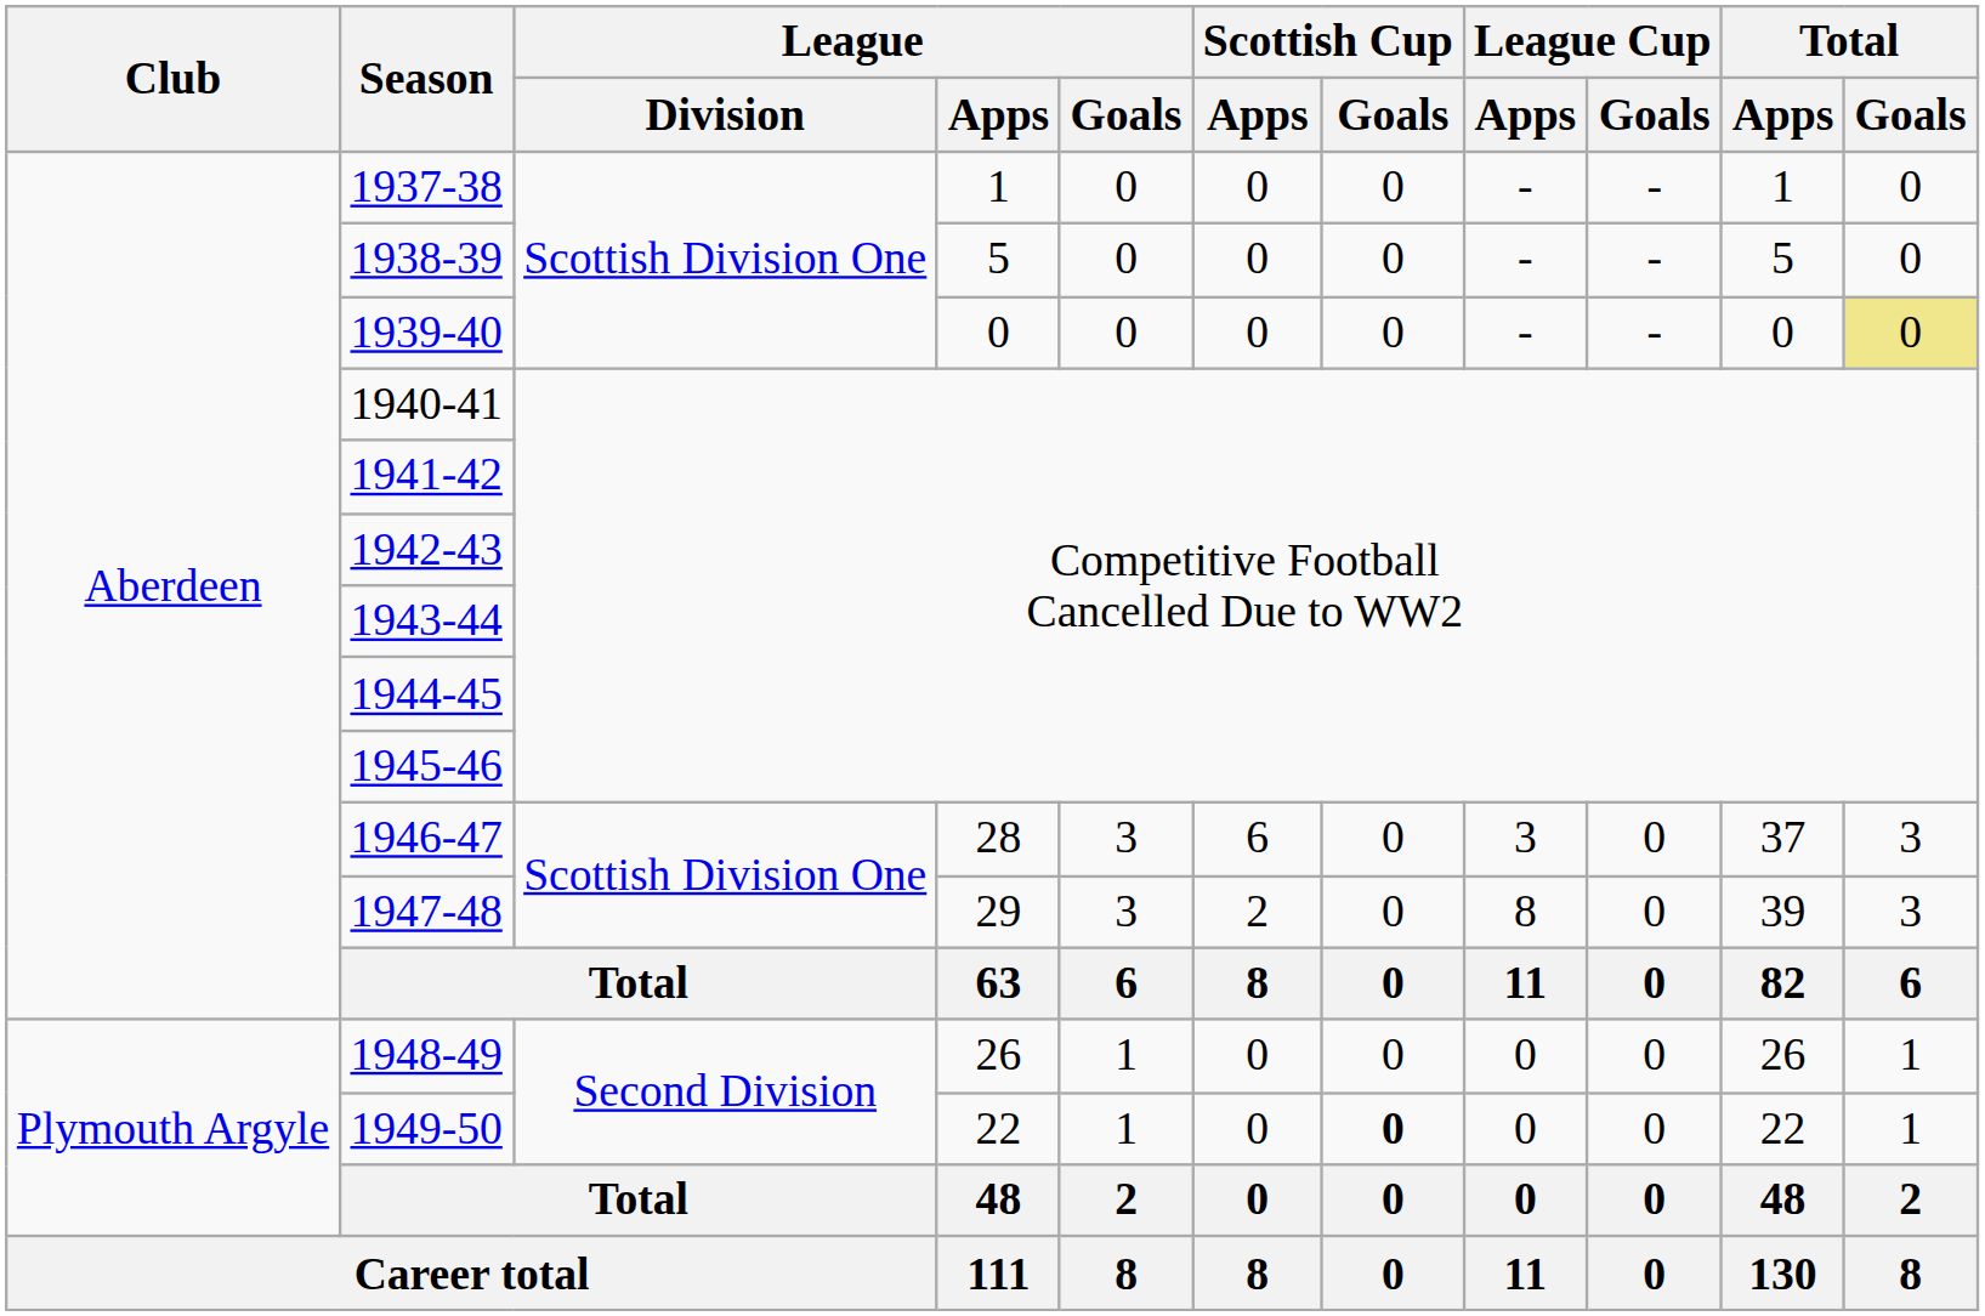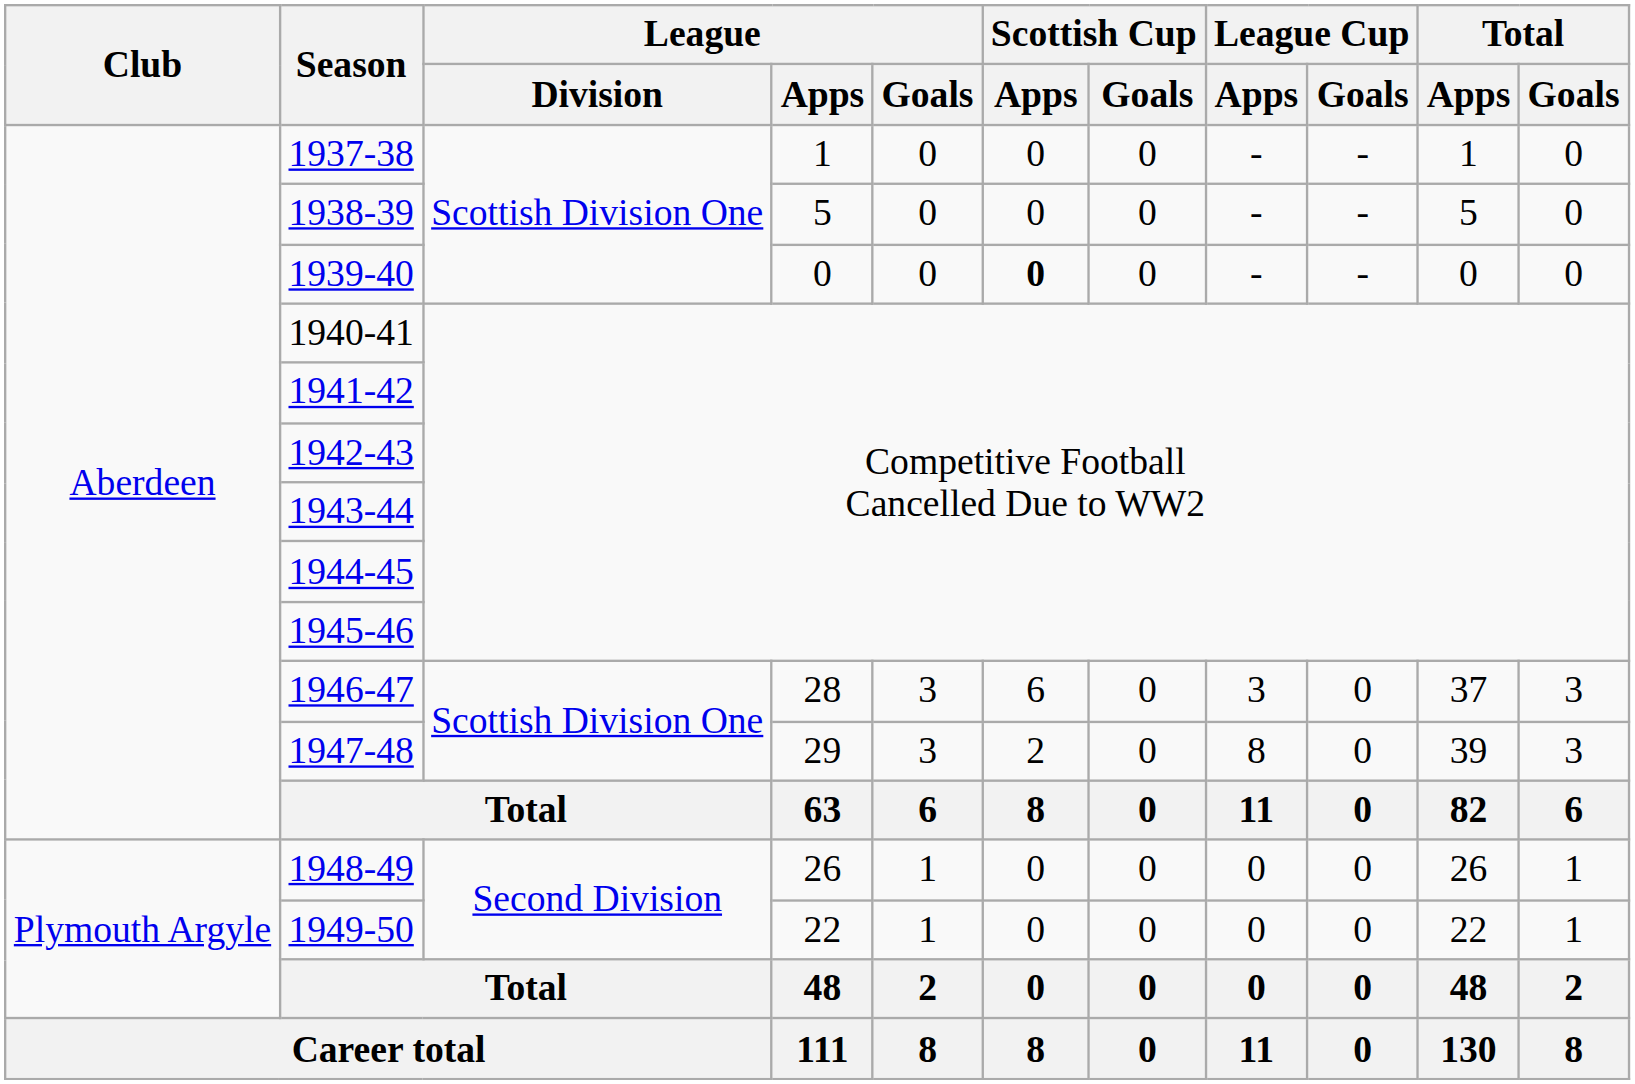 <table class="wikitable" style="text-align:center">
 <tr>
 <th rowspan="2">Club</th>
 <th rowspan="2">Season</th>
 <th colspan="3">League</th>
 <th colspan="2">Scottish Cup</th>
 <th colspan="2">League Cup</th>
 <th colspan="2">Total</th>
 </tr>
 <tr>
 <th>Division</th>
 <th>Apps</th>
 <th>Goals</th>
 <th>Apps</th>
 <th>Goals</th>
 <th>Apps</th>
 <th>Goals</th>
 <th>Apps</th>
 <th>Goals</th>
 </tr>
 <tr>
 <td rowspan="12"><a href='#'>Aberdeen</a></td>
 <td><a href='#'>1937-38</a></td>
 <td rowspan="3"><a href='#'>Scottish Division One</a></td>
 <td>1</td>
 <td>0</td>
 <td>0</td>
 <td>0</td>
 <td>-</td>
 <td>-</td>
 <td>1</td>
 <td>0</td>
 </tr>
 <tr>
 <td><a href='#'>1938-39</a></td>
 <td>5</td>
 <td>0</td>
 <td>0</td>
 <td>0</td>
 <td>-</td>
 <td>-</td>
 <td>5</td>
 <td>0</td>
 </tr>
 <tr>
 <td><a href='#'>1939-40</a></td>
 <td>0</td>
 <td>0</td>
-<td>0</td>
+<td><strong>0</strong></td>
 <td>0</td>
 <td>-</td>
 <td>-</td>
 <td>0</td>
-<td style="background: khaki;">0</td>
+<td>0</td>
 </tr>
 <tr>
 <td>1940-41</td>
 <td colspan="9" rowspan="6">Competitive Football<br>Cancelled Due to WW2</td>
 </tr>
 <tr>
 <td><a href='#'>1941-42</a></td>
 </tr>
 <tr>
 <td><a href='#'>1942-43</a></td>
 </tr>
 <tr>
 <td><a href='#'>1943-44</a></td>
 </tr>
 <tr>
 <td><a href='#'>1944-45</a></td>
 </tr>
 <tr>
 <td><a href='#'>1945-46</a></td>
 </tr>
 <tr>
 <td><a href='#'>1946-47</a></td>
 <td rowspan="2"><a href='#'>Scottish Division One</a></td>
 <td>28</td>
 <td>3</td>
 <td>6</td>
 <td>0</td>
 <td>3</td>
 <td>0</td>
 <td>37</td>
 <td>3</td>
 </tr>
 <tr>
 <td><a href='#'>1947-48</a></td>
 <td>29</td>
 <td>3</td>
 <td>2</td>
 <td>0</td>
 <td>8</td>
 <td>0</td>
 <td>39</td>
 <td>3</td>
 </tr>
 <tr>
 <th colspan="2">Total</th>
 <th>63</th>
 <th>6</th>
 <th>8</th>
 <th>0</th>
 <th>11</th>
 <th>0</th>
 <th>82</th>
 <th>6</th>
 </tr>
 <tr>
 <td rowspan="3"><a href='#'>Plymouth Argyle</a></td>
 <td><a href='#'>1948-49</a></td>
 <td rowspan="2"><a href='#'>Second Division</a></td>
 <td>26</td>
 <td>1</td>
 <td>0</td>
 <td>0</td>
 <td>0</td>
 <td>0</td>
 <td>26</td>
 <td>1</td>
 </tr>
 <tr>
 <td><a href='#'>1949-50</a></td>
 <td>22</td>
 <td>1</td>
 <td>0</td>
-<td><strong>0</strong></td>
+<td>0</td>
 <td>0</td>
 <td>0</td>
 <td>22</td>
 <td>1</td>
 </tr>
 <tr>
 <th colspan="2">Total</th>
 <th>48</th>
 <th>2</th>
 <th>0</th>
 <th>0</th>
 <th>0</th>
 <th>0</th>
 <th>48</th>
 <th>2</th>
 </tr>
 <tr>
 <th colspan="3">Career total</th>
 <th>111</th>
 <th>8</th>
 <th>8</th>
 <th>0</th>
 <th>11</th>
 <th>0</th>
 <th>130</th>
 <th>8</th>
 </tr>
 </table>
